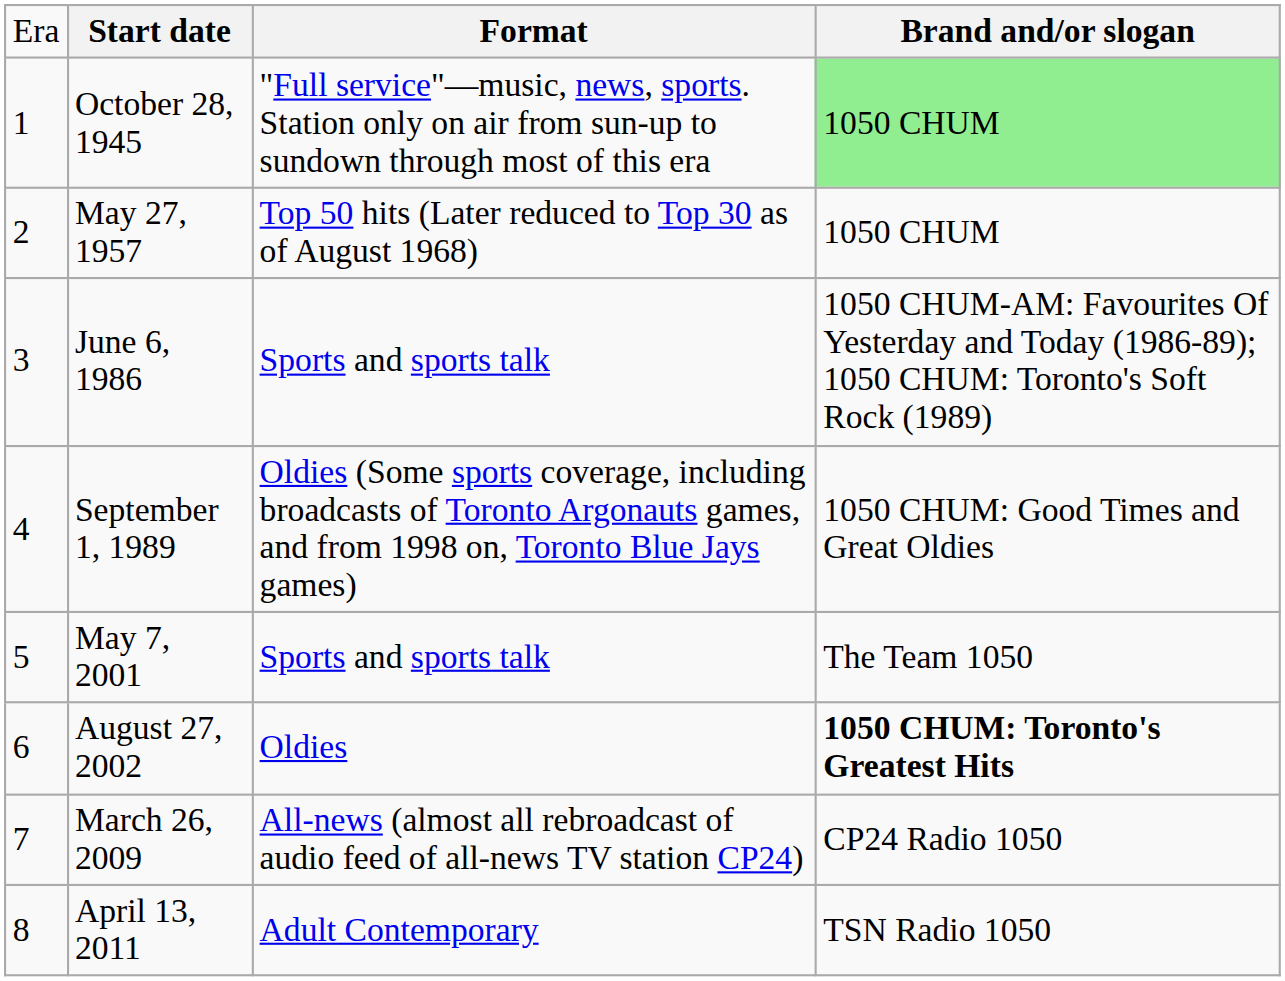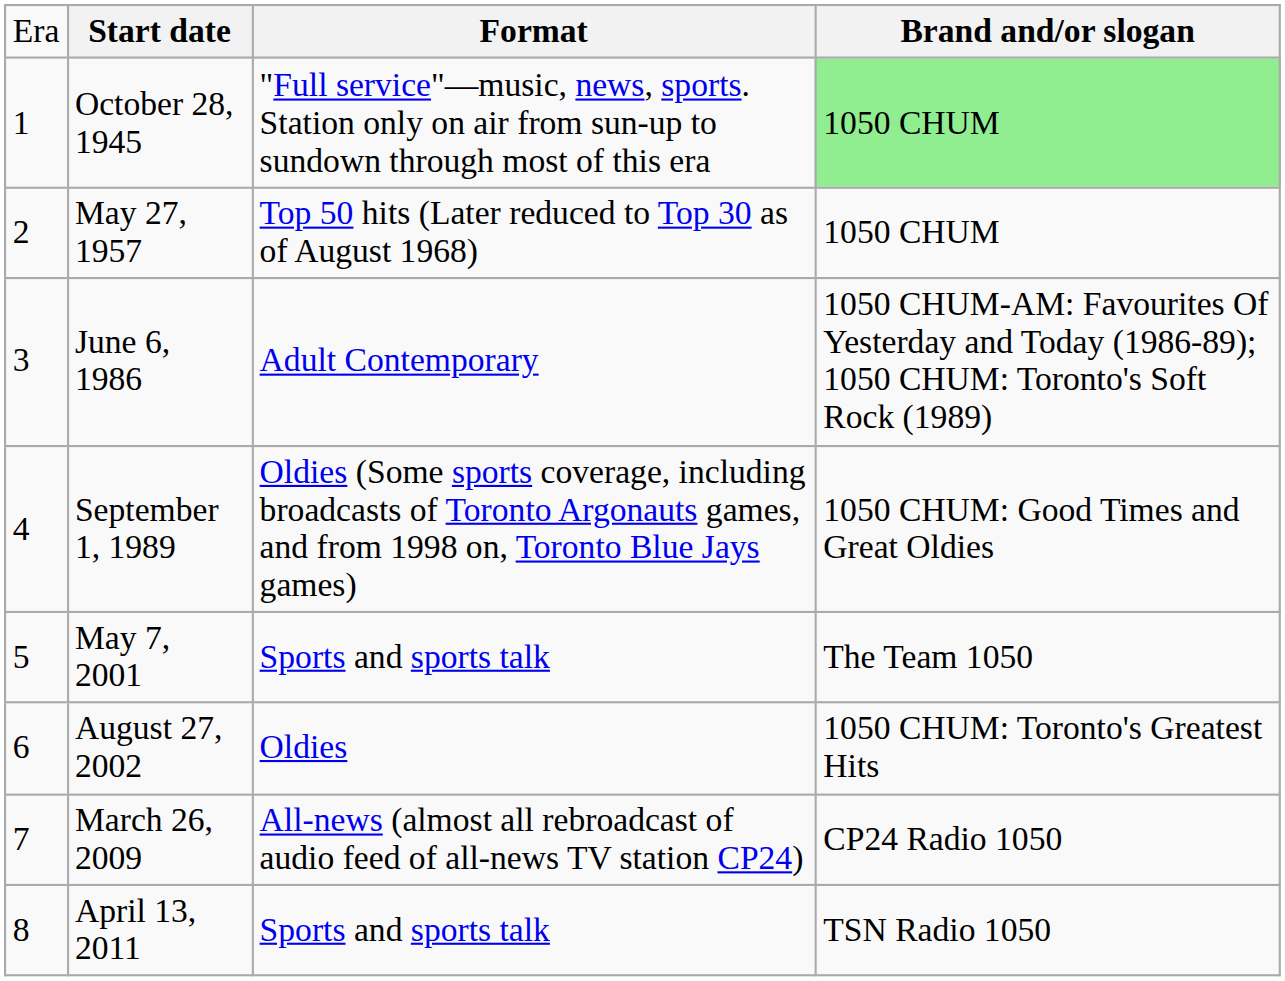 <table class="wikitable" style="text-align:left;">
 <tr>
 <td>Era</td>
 <th>Start date</th>
 <th>Format</th>
 <th>Brand and/or slogan</th>
 </tr>
 <tr>
 <td>1</td>
 <td>October 28, 1945</td>
 <td>"<a href='#'>Full service</a>"—music, <a href='#'>news</a>, <a href='#'>sports</a>. Station only on air from sun-up to sundown through most of this era</td>
 <td style="background: lightgreen;">1050 CHUM</td>
 </tr>
 <tr>
 <td>2</td>
 <td>May 27, 1957</td>
 <td><a href='#'>Top 50</a> hits (Later reduced to <a href='#'>Top 30</a> as of August 1968)</td>
 <td>1050 CHUM</td>
 </tr>
 <tr>
 <td>3</td>
 <td>June 6, 1986</td>
-<td><a href='#'>Sports</a> and <a href='#'>sports talk</a></td>
+<td><a href='#'>Adult Contemporary</a></td>
 <td>1050 CHUM-AM: Favourites Of Yesterday and Today (1986-89); 1050 CHUM: Toronto's Soft Rock (1989)</td>
 </tr>
 <tr>
 <td>4</td>
 <td>September 1, 1989</td>
 <td><a href='#'>Oldies</a> (Some <a href='#'>sports</a> coverage, including broadcasts of <a href='#'>Toronto Argonauts</a> games, and from 1998 on, <a href='#'>Toronto Blue Jays</a> games)</td>
 <td>1050 CHUM: Good Times and Great Oldies</td>
 </tr>
 <tr>
 <td>5</td>
 <td>May 7, 2001</td>
 <td><a href='#'>Sports</a> and <a href='#'>sports talk</a></td>
 <td>The Team 1050</td>
 </tr>
 <tr>
 <td>6</td>
 <td>August 27, 2002</td>
 <td><a href='#'>Oldies</a></td>
-<td><strong>1050 CHUM: Toronto's Greatest Hits</strong></td>
+<td>1050 CHUM: Toronto's Greatest Hits</td>
 </tr>
 <tr>
 <td>7</td>
 <td>March 26, 2009</td>
 <td><a href='#'>All-news</a> (almost all rebroadcast of audio feed of all-news TV station <a href='#'>CP24</a>)</td>
 <td>CP24 Radio 1050</td>
 </tr>
 <tr>
 <td>8</td>
 <td>April 13, 2011</td>
-<td><a href='#'>Adult Contemporary</a></td>
+<td><a href='#'>Sports</a> and <a href='#'>sports talk</a></td>
 <td>TSN Radio 1050</td>
 </tr>
 </table>
